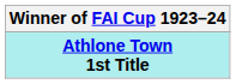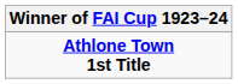 <table class="wikitable" style="text-align: center; margin: 0 auto;">
 <tr>
 <th>Winner of <a href='#'>FAI Cup</a> 1923–24</th>
 </tr>
 <tr>
 </tr>
 <tr>
-<td style="background: paleturquoise;"><strong><a href='#'>Athlone Town</a></strong><br><strong>1st Title</strong></td>
+<td><strong><a href='#'>Athlone Town</a></strong><br><strong>1st Title</strong></td>
 </tr>
 </table>
